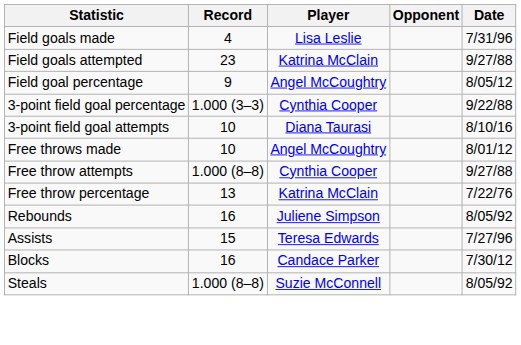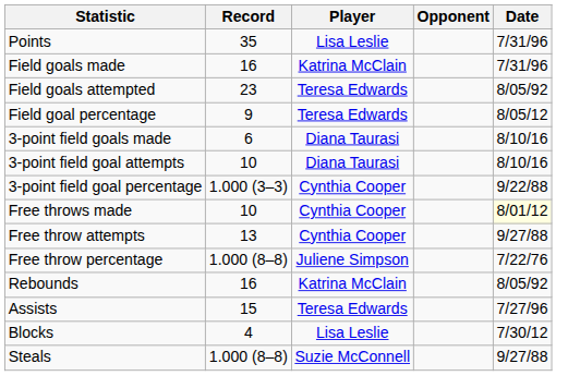 <table class="wikitable sortable" style="text-align:center;">
 <tr>
 <th>Statistic</th>
 <th>Record</th>
 <th>Player</th>
 <th>Opponent</th>
 <th>Date</th>
 </tr>
 <tr>
+<td style="text-align: left;">Points</td>
+<td>35</td>
+<td><a href='#'>Lisa Leslie</a></td>
+<td style="text-align: left;"></td>
+<td>7/31/96</td>
+</tr>
+<tr>
 <td style="text-align: left;">Field goals made</td>
-<td>4</td>
-<td><a href='#'>Lisa Leslie</a></td>
+<td>16</td>
+<td><a href='#'>Katrina McClain</a></td>
 <td style="text-align: left;"></td>
 <td>7/31/96</td>
 </tr>
 <tr>
 <td style="text-align: left;">Field goals attempted</td>
 <td>23</td>
-<td><a href='#'>Katrina McClain</a></td>
+<td><a href='#'>Teresa Edwards</a></td>
 <td style="text-align: left;"></td>
-<td>9/27/88</td>
+<td>8/05/92</td>
 </tr>
 <tr>
 <td style="text-align: left;">Field goal percentage</td>
 <td>9</td>
-<td><a href='#'>Angel McCoughtry</a></td>
+<td><a href='#'>Teresa Edwards</a></td>
 <td style="text-align: left;"></td>
 <td>8/05/12</td>
+</tr>
+<tr>
+<td style="text-align: left;">3-point field goals made</td>
+<td>6</td>
+<td><a href='#'>Diana Taurasi</a></td>
+<td style="text-align: left;"></td>
+<td>8/10/16</td>
+</tr>
+<tr>
+<td style="text-align: left;">3-point field goal attempts</td>
+<td>10</td>
+<td><a href='#'>Diana Taurasi</a></td>
+<td style="text-align: left;"></td>
+<td>8/10/16</td>
 </tr>
 <tr>
 <td style="text-align: left;">3-point field goal percentage</td>
 <td>1.000 (3–3)</td>
 <td><a href='#'>Cynthia Cooper</a></td>
 <td style="text-align: left;"></td>
 <td>9/22/88</td>
 </tr>
 <tr>
-<td style="text-align: left;">3-point field goal attempts</td>
-<td>10</td>
-<td><a href='#'>Diana Taurasi</a></td>
-<td style="text-align: left;"></td>
-<td>8/10/16</td>
-</tr>
-<tr>
 <td style="text-align: left;">Free throws made</td>
 <td>10</td>
-<td><a href='#'>Angel McCoughtry</a></td>
+<td><a href='#'>Cynthia Cooper</a></td>
 <td style="text-align: left;"></td>
-<td>8/01/12</td>
+<td style="background: lightyellow;">8/01/12</td>
 </tr>
 <tr>
 <td style="text-align: left;">Free throw attempts</td>
-<td>1.000 (8–8)</td>
+<td>13</td>
 <td><a href='#'>Cynthia Cooper</a></td>
 <td style="text-align: left;"></td>
 <td>9/27/88</td>
 </tr>
 <tr>
 <td style="text-align: left;">Free throw percentage</td>
-<td>13</td>
-<td><a href='#'>Katrina McClain</a></td>
+<td>1.000 (8–8)</td>
+<td><a href='#'>Juliene Simpson</a></td>
 <td style="text-align: left;"></td>
 <td>7/22/76</td>
 </tr>
 <tr>
 <td style="text-align: left;">Rebounds</td>
 <td>16</td>
-<td><a href='#'>Juliene Simpson</a></td>
+<td><a href='#'>Katrina McClain</a></td>
 <td style="text-align: left;"></td>
 <td>8/05/92</td>
 </tr>
 <tr>
 <td style="text-align: left;">Assists</td>
 <td>15</td>
 <td><a href='#'>Teresa Edwards</a></td>
 <td style="text-align: left;"></td>
 <td>7/27/96</td>
 </tr>
 <tr>
 <td style="text-align: left;">Blocks</td>
-<td>16</td>
-<td><a href='#'>Candace Parker</a></td>
+<td>4</td>
+<td><a href='#'>Lisa Leslie</a></td>
 <td style="text-align: left;"></td>
 <td>7/30/12</td>
 </tr>
 <tr>
 <td style="text-align: left;">Steals</td>
 <td>1.000 (8–8)</td>
 <td><a href='#'>Suzie McConnell</a></td>
 <td style="text-align: left;"></td>
-<td>8/05/92</td>
+<td>9/27/88</td>
 </tr>
 </table>
